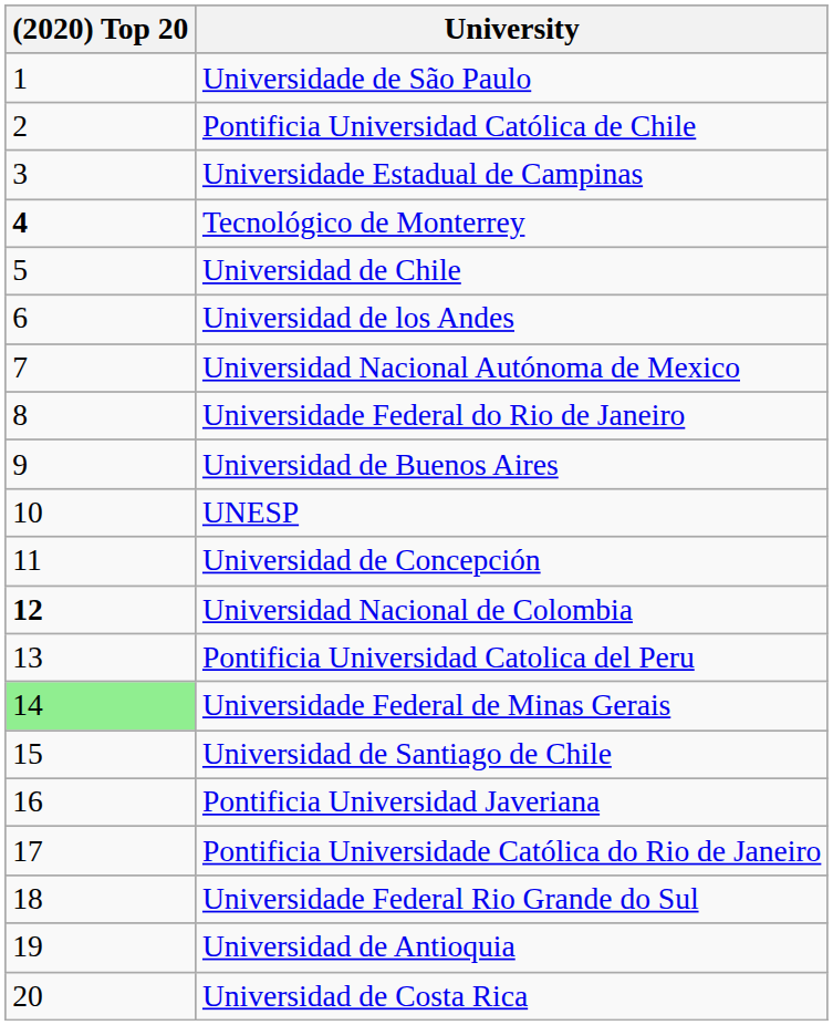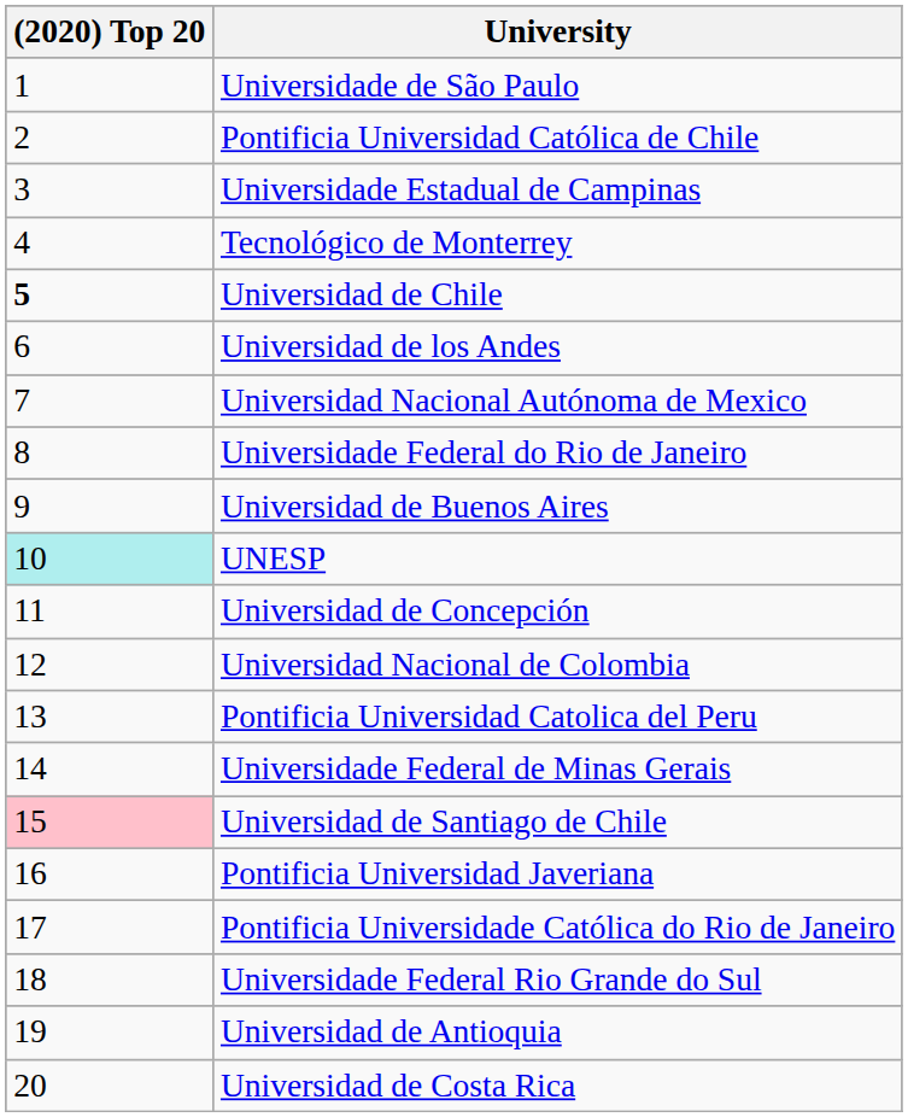 <table class="sortable wikitable">
 <tr style="background:#ececec; vertical-align:top;">
 <th>(2020) Top 20</th>
 <th>University</th>
 </tr>
 <tr>
 <td>1</td>
 <td> <a href='#'>Universidade de São Paulo</a></td>
 </tr>
 <tr>
 <td>2</td>
 <td> <a href='#'>Pontificia Universidad Católica de Chile</a></td>
 </tr>
 <tr>
 <td>3</td>
 <td> <a href='#'>Universidade Estadual de Campinas</a></td>
 </tr>
 <tr>
-<td><strong>4</strong></td>
+<td>4</td>
 <td> <a href='#'>Tecnológico de Monterrey</a></td>
 </tr>
 <tr>
-<td>5</td>
+<td><strong>5</strong></td>
 <td> <a href='#'>Universidad de Chile</a></td>
 </tr>
 <tr>
 <td>6</td>
 <td> <a href='#'>Universidad de los Andes</a></td>
 </tr>
 <tr>
 <td>7</td>
 <td> <a href='#'>Universidad Nacional Autónoma de Mexico</a></td>
 </tr>
 <tr>
 <td>8</td>
 <td> <a href='#'>Universidade Federal do Rio de Janeiro</a></td>
 </tr>
 <tr>
 <td>9</td>
 <td> <a href='#'>Universidad de Buenos Aires</a></td>
 </tr>
 <tr>
-<td>10</td>
+<td style="background: paleturquoise;">10</td>
 <td> <a href='#'>UNESP</a></td>
 </tr>
 <tr>
 <td>11</td>
 <td> <a href='#'>Universidad de Concepción</a></td>
 </tr>
 <tr>
-<td><strong>12</strong></td>
+<td>12</td>
 <td> <a href='#'>Universidad Nacional de Colombia</a></td>
 </tr>
 <tr>
 <td>13</td>
 <td> <a href='#'>Pontificia Universidad Catolica del Peru</a></td>
 </tr>
 <tr>
-<td style="background: lightgreen;">14</td>
+<td>14</td>
 <td> <a href='#'>Universidade Federal de Minas Gerais</a></td>
 </tr>
 <tr>
-<td>15</td>
+<td style="background: pink;">15</td>
 <td> <a href='#'>Universidad de Santiago de Chile</a></td>
 </tr>
 <tr>
 <td>16</td>
 <td> <a href='#'>Pontificia Universidad Javeriana</a></td>
 </tr>
 <tr>
 <td>17</td>
 <td> <a href='#'>Pontificia Universidade Católica do Rio de Janeiro</a></td>
 </tr>
 <tr>
 <td>18</td>
 <td> <a href='#'>Universidade Federal Rio Grande do Sul</a></td>
 </tr>
 <tr>
 <td>19</td>
 <td> <a href='#'>Universidad de Antioquia</a></td>
 </tr>
 <tr>
 <td>20</td>
 <td> <a href='#'>Universidad de Costa Rica</a></td>
 </tr>
 <tr>
 </tr>
 </table>
